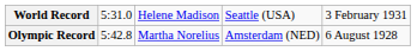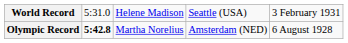 <table class="wikitable" style="font-size:95%;">
 <tr>
 <th>World Record</th>
 <td>5:31.0</td>
 <td> <a href='#'>Helene Madison</a></td>
 <td><a href='#'>Seattle</a> (USA)</td>
 <td>3 February 1931</td>
 </tr>
 <tr>
 <th>Olympic Record</th>
-<td>5:42.8</td>
+<td><strong>5:42.8</strong></td>
 <td> <a href='#'>Martha Norelius</a></td>
 <td><a href='#'>Amsterdam</a> (NED)</td>
 <td>6 August 1928</td>
 </tr>
 </table>
